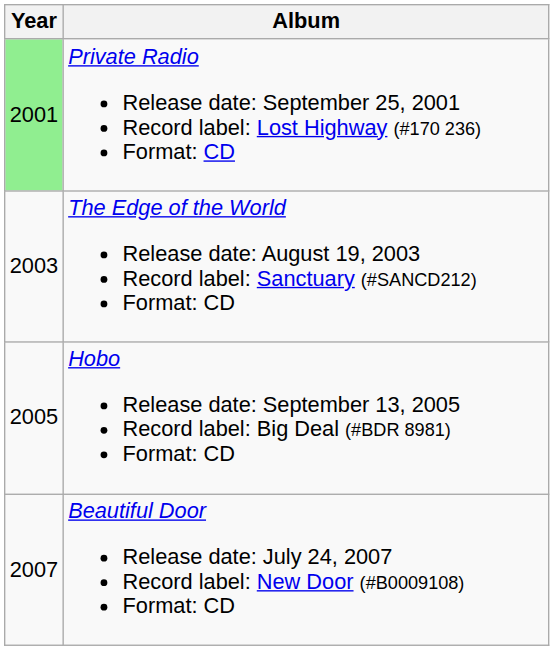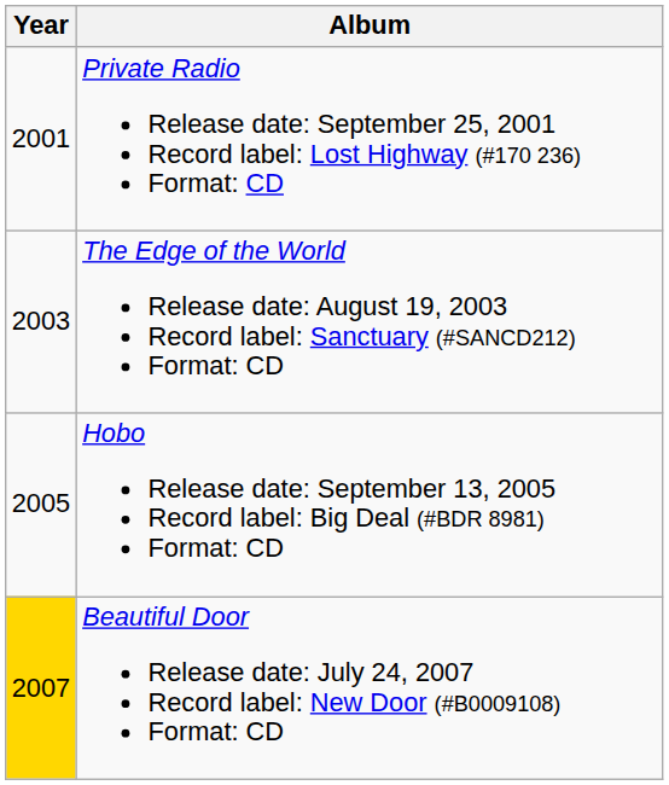 <table class="wikitable">
 <tr>
 <th>Year</th>
 <th width=350>Album</th>
 </tr>
 <tr>
-<td style="background: lightgreen;">2001</td>
+<td>2001</td>
 <td><em><a href='#'>Private Radio</a></em><br><ul><li>Release date: September 25, 2001</li><li>Record label: <a href='#'>Lost Highway</a> <small>(#170 236)</small></li><li>Format: <a href='#'>CD</a></li></ul></td>
 </tr>
 <tr>
 <td>2003</td>
 <td><em><a href='#'>The Edge of the World</a></em><br><ul><li>Release date: August 19, 2003</li><li>Record label: <a href='#'>Sanctuary</a> <small>(#SANCD212)</small></li><li>Format: CD</li></ul></td>
 </tr>
 <tr>
 <td>2005</td>
 <td><em><a href='#'>Hobo</a></em><br><ul><li>Release date: September 13, 2005</li><li>Record label: Big Deal <small>(#BDR 8981)</small></li><li>Format: CD</li></ul></td>
 </tr>
 <tr>
-<td>2007</td>
+<td style="background: gold;">2007</td>
 <td><em><a href='#'>Beautiful Door</a></em><br><ul><li>Release date: July 24, 2007</li><li>Record label: <a href='#'>New Door</a> <small>(#B0009108)</small></li><li>Format: CD</li></ul></td>
 </tr>
 </table>
